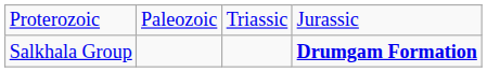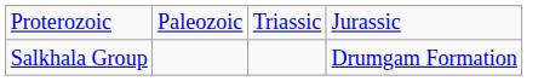 <table class="wikitable">
 <tr>
 <td><a href='#'>Proterozoic</a></td>
 <td><a href='#'>Paleozoic</a></td>
 <td><a href='#'>Triassic</a></td>
 <td><a href='#'>Jurassic</a></td>
 </tr>
 <tr valign="top">
 <td><a href='#'>Salkhala Group</a></td>
 <td></td>
 <td></td>
-<td><strong><a href='#'>Drumgam Formation</a></strong></td>
+<td><a href='#'>Drumgam Formation</a></td>
 </tr>
 </table>
